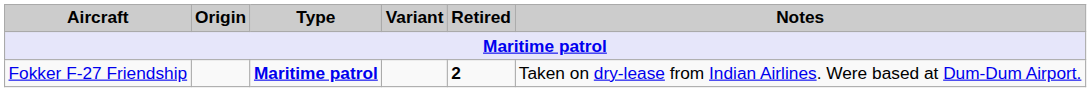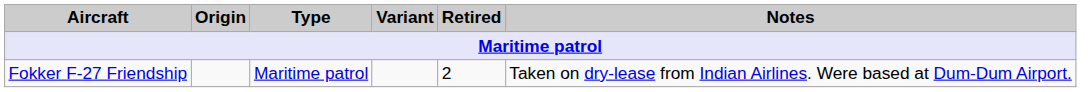 <table class="wikitable sortable">
 <tr>
 <th style="text-align:center; background:#ccc;">Aircraft</th>
 <th style="text-align:center; background:#ccc;">Origin</th>
 <th style="text-align:center; background:#ccc;">Type</th>
 <th style="text-align:center; background:#ccc;">Variant</th>
 <th style="text-align:center; background:#ccc;">Retired</th>
 <th style="text-align:center; background:#ccc;">Notes</th>
 </tr>
 <tr>
 <th colspan="6" style="align: center; background: lavender;"><a href='#'>Maritime patrol</a></th>
 </tr>
 <tr>
 <td><a href='#'>Fokker F-27 Friendship</a></td>
 <td><br></td>
-<td><strong><a href='#'>Maritime patrol</a></strong></td>
+<td><a href='#'>Maritime patrol</a></td>
 <td></td>
-<td><strong>2</strong></td>
+<td>2</td>
 <td>Taken on <a href='#'>dry-lease</a> from <a href='#'>Indian Airlines</a>. Were based at <a href='#'>Dum-Dum Airport.</a></td>
 </tr>
 </table>
